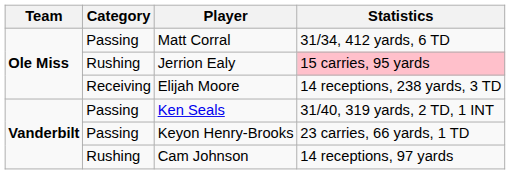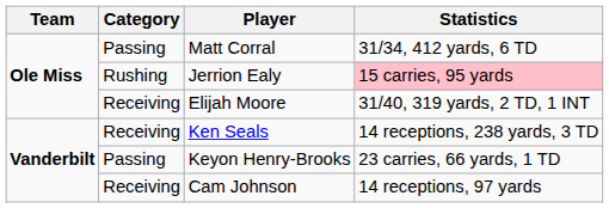 <table class="wikitable" style="float: right;">
 <tr>
 <th>Team</th>
 <th>Category</th>
 <th>Player</th>
 <th>Statistics</th>
 </tr>
 <tr>
 <td rowspan=3><strong>Ole Miss</strong></td>
 <td>Passing</td>
 <td>Matt Corral</td>
 <td>31/34, 412 yards, 6 TD</td>
 </tr>
 <tr>
 <td>Rushing</td>
 <td>Jerrion Ealy</td>
 <td style="background: pink;">15 carries, 95 yards</td>
 </tr>
 <tr>
 <td>Receiving</td>
 <td>Elijah Moore</td>
-<td>14 receptions, 238 yards, 3 TD</td>
+<td>31/40, 319 yards, 2 TD, 1 INT</td>
 </tr>
 <tr>
 <td rowspan=3><strong>Vanderbilt</strong></td>
-<td>Passing</td>
+<td>Receiving</td>
 <td><a href='#'>Ken Seals</a></td>
-<td>31/40, 319 yards, 2 TD, 1 INT</td>
+<td>14 receptions, 238 yards, 3 TD</td>
 </tr>
 <tr>
 <td>Passing</td>
 <td>Keyon Henry-Brooks</td>
 <td>23 carries, 66 yards, 1 TD</td>
 </tr>
 <tr>
-<td>Rushing</td>
+<td>Receiving</td>
 <td>Cam Johnson</td>
 <td>14 receptions, 97 yards</td>
 </tr>
 </table>
